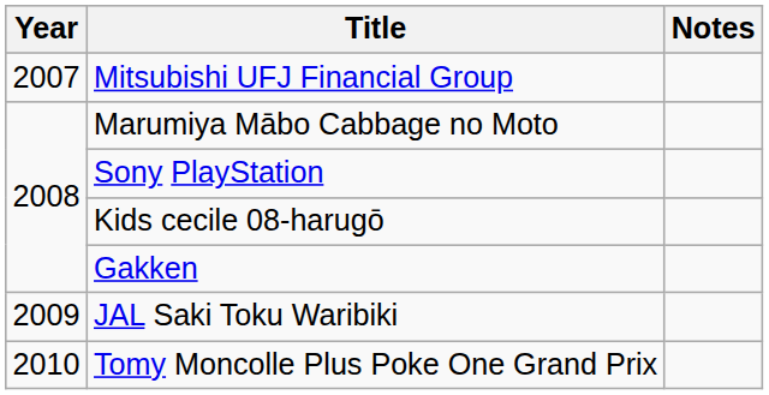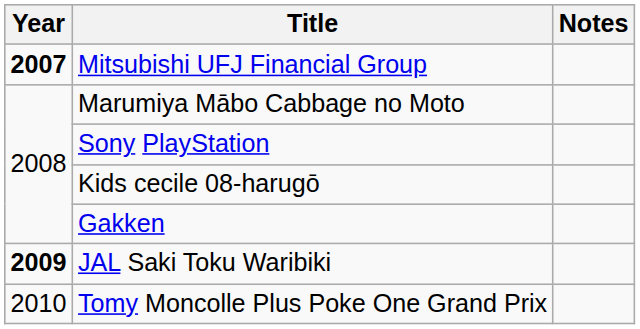 <table class="wikitable">
 <tr>
 <th>Year</th>
 <th>Title</th>
 <th>Notes</th>
 </tr>
 <tr>
-<td>2007</td>
+<td><strong>2007</strong></td>
 <td><a href='#'>Mitsubishi UFJ Financial Group</a></td>
 <td></td>
 </tr>
 <tr>
 <td rowspan="4">2008</td>
 <td>Marumiya Mābo Cabbage no Moto</td>
 <td></td>
 </tr>
 <tr>
 <td><a href='#'>Sony</a> <a href='#'>PlayStation</a></td>
 <td></td>
 </tr>
 <tr>
 <td>Kids cecile 08-harugō</td>
 <td></td>
 </tr>
 <tr>
 <td><a href='#'>Gakken</a></td>
 <td></td>
 </tr>
 <tr>
-<td>2009</td>
+<td><strong>2009</strong></td>
 <td><a href='#'>JAL</a> Saki Toku Waribiki</td>
 <td></td>
 </tr>
 <tr>
 <td>2010</td>
 <td><a href='#'>Tomy</a> Moncolle Plus Poke One Grand Prix</td>
 <td></td>
 </tr>
 </table>
